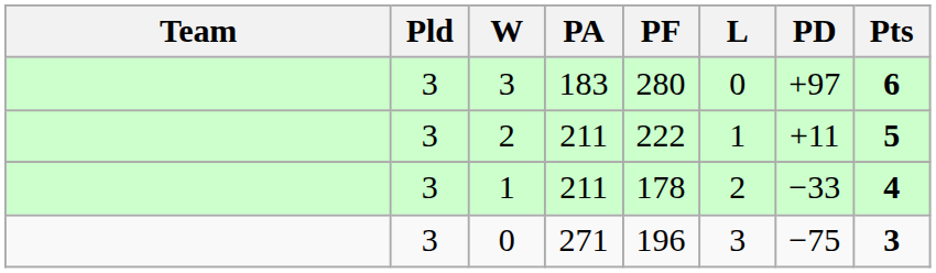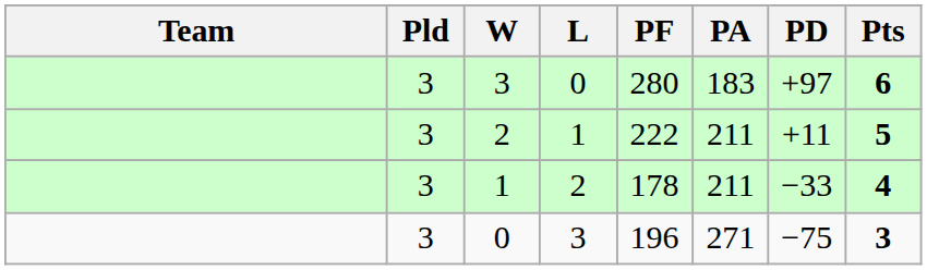 <table class=wikitable style="text-align:center">
 <tr>
 <th width=180>Team</th>
 <th width=30>Pld</th>
 <th width=30>W</th>
+<th width=30>L</th>
+<th width=30>PF</th>
 <th width=30>PA</th>
-<th width=30>PF</th>
-<th width=30>L</th>
 <th width=30>PD</th>
 <th width=30>Pts</th>
 </tr>
 <tr align=center bgcolor="#ccffcc">
 <td align=left></td>
 <td>3</td>
 <td>3</td>
+<td>0</td>
+<td>280</td>
 <td>183</td>
-<td>280</td>
-<td>0</td>
 <td>+97</td>
 <td><strong>6</strong></td>
 </tr>
 <tr align=center bgcolor="#ccffcc">
 <td align=left></td>
 <td>3</td>
 <td>2</td>
+<td>1</td>
+<td>222</td>
 <td>211</td>
-<td>222</td>
-<td>1</td>
 <td>+11</td>
 <td><strong>5</strong></td>
 </tr>
 <tr align=center bgcolor="#ccffcc">
 <td align=left></td>
 <td>3</td>
 <td>1</td>
+<td>2</td>
+<td>178</td>
 <td>211</td>
-<td>178</td>
-<td>2</td>
 <td>−33</td>
 <td><strong>4</strong></td>
 </tr>
 <tr>
 <td align=left></td>
 <td>3</td>
 <td>0</td>
+<td>3</td>
+<td>196</td>
 <td>271</td>
-<td>196</td>
-<td>3</td>
 <td>−75</td>
 <td><strong>3</strong></td>
 </tr>
 </table>
